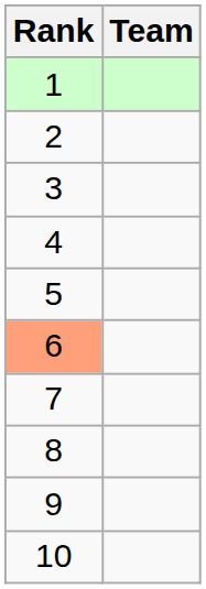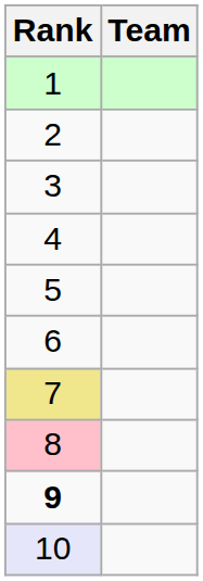 <table class="wikitable">
 <tr>
 <th>Rank</th>
 <th>Team</th>
 </tr>
 <tr style="background:#ccffcc;">
 <td align=center>1</td>
 <td> </td>
 </tr>
 <tr>
 <td align=center>2</td>
 <td></td>
 </tr>
 <tr>
 <td align=center>3</td>
 <td></td>
 </tr>
 <tr>
 <td align=center>4</td>
 <td></td>
 </tr>
 <tr>
 <td align=center>5</td>
 <td></td>
 </tr>
 <tr>
-<td align=center style="background: lightsalmon;">6</td>
+<td align=center>6</td>
 <td></td>
 </tr>
 <tr>
-<td align=center>7</td>
+<td align=center style="background: khaki;">7</td>
 <td></td>
 </tr>
 <tr>
-<td align=center>8</td>
+<td align=center style="background: pink;">8</td>
 <td></td>
 </tr>
 <tr>
-<td align=center>9</td>
+<td align=center><strong>9</strong></td>
 <td></td>
 </tr>
 <tr>
-<td align=center>10</td>
+<td align=center style="background: lavender;">10</td>
 <td></td>
 </tr>
 </table>
